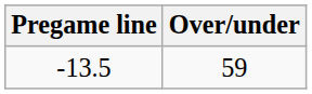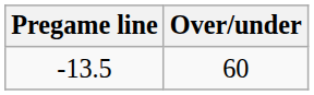 <table class="wikitable" style="margin-left: auto; margin-right: auto; border: none; display: inline-table;">
 <tr align="center">
 <th style=>Pregame line</th>
 <th style=>Over/under</th>
 </tr>
 <tr align="center">
 <td>-13.5</td>
-<td>59</td>
+<td>60</td>
 </tr>
 </table>
